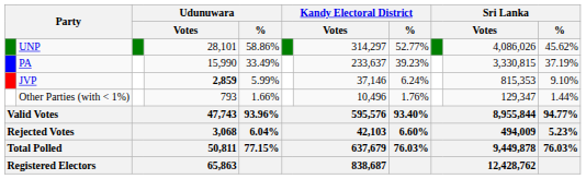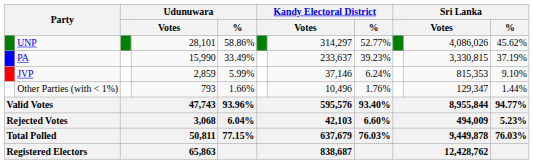 <table class="wikitable">
 <tr>
 <th colspan="2" width="144px"rowspan="2">Party</th>
 <th colspan="3" width="216px">Udunuwara</th>
 <th colspan="3" width="216px"><a href='#'>Kandy Electoral District</a></th>
 <th colspan="3" width="216px">Sri Lanka</th>
 </tr>
 <tr>
 <th colspan="2" width="144px">Votes</th>
 <th>%</th>
 <th colspan="2" width="144px">Votes</th>
 <th>%</th>
 <th colspan="2" width="144px">Votes</th>
 <th>%</th>
 </tr>
 <tr>
 <td style="background-color:green;" width="10px"></td>
 <td style="text-align:left;"><a href='#'>UNP</a></td>
 <td style="background-color:green;" width="10px"></td>
 <td style="text-align:right;">28,101</td>
 <td style="text-align:right;">58.86%</td>
 <td style="background-color:green;" width="10px"></td>
 <td style="text-align:right;">314,297</td>
 <td style="text-align:right;">52.77%</td>
 <td style="background-color:green;" width="10px"></td>
 <td style="text-align:right;">4,086,026</td>
 <td style="text-align:right;">45.62%</td>
 </tr>
 <tr>
 <td style="background-color:blue;" width="10px"></td>
 <td style="text-align:left;"><a href='#'>PA</a></td>
 <td style="background-color:white;" width="10px"></td>
 <td style="text-align:right;">15,990</td>
 <td style="text-align:right;">33.49%</td>
 <td style="background-color:white;" width="10px"></td>
 <td style="text-align:right;">233,637</td>
 <td style="text-align:right;">39.23%</td>
 <td style="background-color:white;" width="10px"></td>
 <td style="text-align:right;">3,330,815</td>
 <td style="text-align:right;">37.19%</td>
 </tr>
 <tr>
 <td style="background-color:red;" width="10px"></td>
 <td style="text-align:left;"><a href='#'>JVP</a></td>
 <td style="background-color:white;" width="10px"></td>
-<td style="text-align:right;"><strong>2,859</strong></td>
+<td style="text-align:right;">2,859</td>
 <td style="text-align:right;">5.99%</td>
 <td style="background-color:white;" width="10px"></td>
 <td style="text-align:right;">37,146</td>
 <td style="text-align:right;">6.24%</td>
 <td style="background-color:white;" width="10px"></td>
 <td style="text-align:right;">815,353</td>
 <td style="text-align:right;">9.10%</td>
 </tr>
 <tr>
 <td style="background-color:white;" width="10px"></td>
 <td style="text-align:left;">Other Parties (with < 1%)</td>
 <td style="background-color:white;" width="10px"></td>
 <td style="text-align:right;">793</td>
 <td style="text-align:right;">1.66%</td>
 <td style="background-color:white;" width="10px"></td>
 <td style="text-align:right;">10,496</td>
 <td style="text-align:right;">1.76%</td>
 <td style="background-color:white;" width="10px"></td>
 <td style="text-align:right;">129,347</td>
 <td style="text-align:right;">1.44%</td>
 </tr>
 <tr>
 <th colspan="2" width="144px"style="text-align:left;">Valid Votes</th>
 <th style="text-align:right;"colspan="2" width="144px">47,743</th>
 <th style="text-align:right;">93.96%</th>
 <th style="text-align:right;"colspan="2" width="144px">595,576</th>
 <th style="text-align:right;">93.40%</th>
 <th style="text-align:right;"colspan="2" width="144px">8,955,844</th>
 <th style="text-align:right;">94.77%</th>
 </tr>
 <tr>
 <th colspan="2" width="144px"style="text-align:left;">Rejected Votes</th>
 <th style="text-align:right;"colspan="2" width="144px">3,068</th>
 <th style="text-align:right;">6.04%</th>
 <th style="text-align:right;"colspan="2" width="144px">42,103</th>
 <th style="text-align:right;">6.60%</th>
 <th style="text-align:right;"colspan="2" width="144px">494,009</th>
 <th style="text-align:right;">5.23%</th>
 </tr>
 <tr>
 <th colspan="2" width="144px"style="text-align:left;">Total Polled</th>
 <th style="text-align:right;"colspan="2" width="144px">50,811</th>
 <th style="text-align:right;">77.15%</th>
 <th style="text-align:right;"colspan="2" width="144px">637,679</th>
 <th style="text-align:right;">76.03%</th>
 <th style="text-align:right;"colspan="2" width="144px">9,449,878</th>
 <th style="text-align:right;">76.03%</th>
 </tr>
 <tr>
 <th colspan="2" width="144px"style="text-align:left;">Registered Electors</th>
 <th style="text-align:right;"colspan="2" width="144px">65,863</th>
 <th></th>
 <th style="text-align:right;"colspan="2" width="144px">838,687</th>
 <th></th>
 <th style="text-align:right;"colspan="2" width="144px">12,428,762</th>
 <th></th>
 </tr>
 </table>
